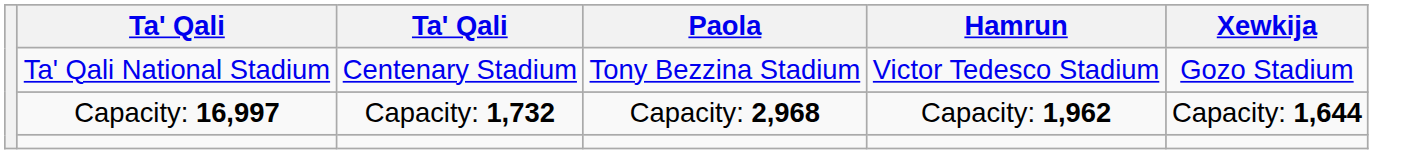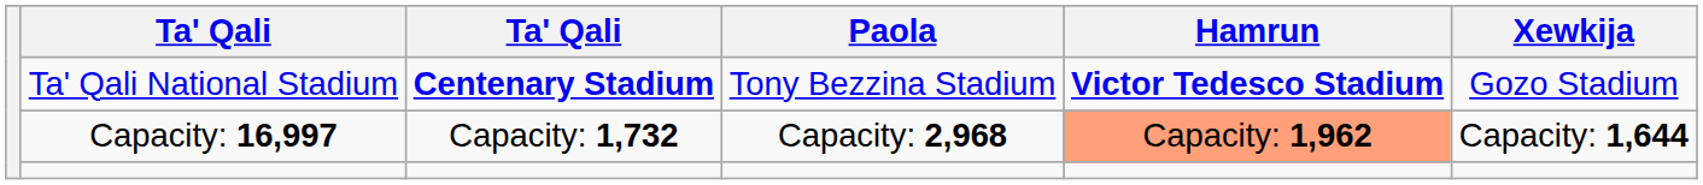 <table class="wikitable" style="text-align:center">
 <tr>
 <th rowspan="5"></th>
 <th><a href='#'>Ta' Qali</a></th>
 <th><a href='#'>Ta' Qali</a></th>
 <th><a href='#'>Paola</a></th>
 <th><a href='#'>Hamrun</a></th>
 <th><a href='#'>Xewkija</a></th>
 </tr>
 <tr>
 <td><a href='#'>Ta' Qali National Stadium</a></td>
-<td><a href='#'>Centenary Stadium</a></td>
+<td><strong><a href='#'>Centenary Stadium</a></strong></td>
 <td><a href='#'>Tony Bezzina Stadium</a></td>
-<td><a href='#'>Victor Tedesco Stadium</a></td>
+<td><strong><a href='#'>Victor Tedesco Stadium</a></strong></td>
 <td><a href='#'>Gozo Stadium</a></td>
 </tr>
 <tr>
 <td>Capacity: <strong>16,997</strong></td>
 <td>Capacity: <strong>1,732</strong></td>
 <td>Capacity: <strong>2,968</strong></td>
-<td>Capacity: <strong>1,962</strong></td>
+<td style="background: lightsalmon;">Capacity: <strong>1,962</strong></td>
 <td>Capacity: <strong>1,644</strong></td>
 </tr>
 <tr>
 <td></td>
 <td></td>
 <td></td>
 <td></td>
 <td></td>
 </tr>
 </table>
